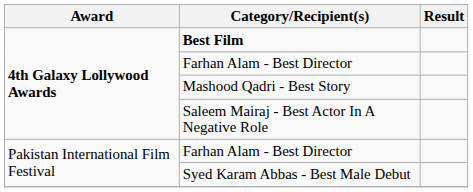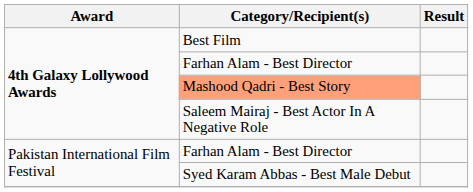 <table class="wikitable" style="width:80%;">
 <tr>
 <th>Award</th>
 <th>Category/Recipient(s)</th>
 <th>Result</th>
 </tr>
 <tr>
 <td rowspan="4"><strong>4th Galaxy Lollywood  Awards</strong></td>
-<td><strong>Best Film</strong></td>
+<td>Best Film</td>
 <td></td>
 </tr>
 <tr>
 <td>Farhan Alam - Best  Director</td>
 <td></td>
 </tr>
 <tr>
-<td>Mashood Qadri - Best Story</td>
+<td style="background: lightsalmon;">Mashood Qadri - Best Story</td>
 <td></td>
 </tr>
 <tr>
 <td>Saleem Mairaj - Best Actor In A Negative Role</td>
 <td></td>
 </tr>
 <tr>
 <td rowspan="2">Pakistan International Film Festival</td>
 <td>Farhan Alam - Best  Director</td>
 <td></td>
 </tr>
 <tr>
 <td>Syed Karam Abbas - Best Male Debut</td>
 <td></td>
 </tr>
 <tr>
 </tr>
 </table>
